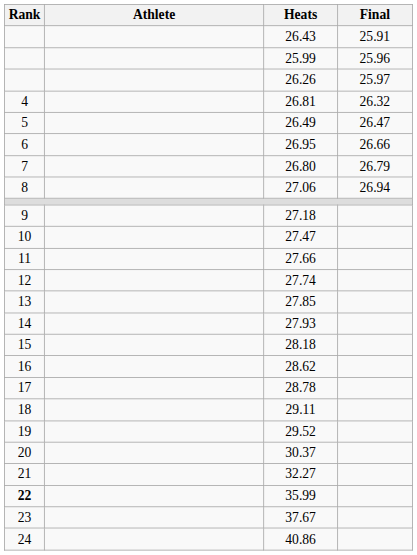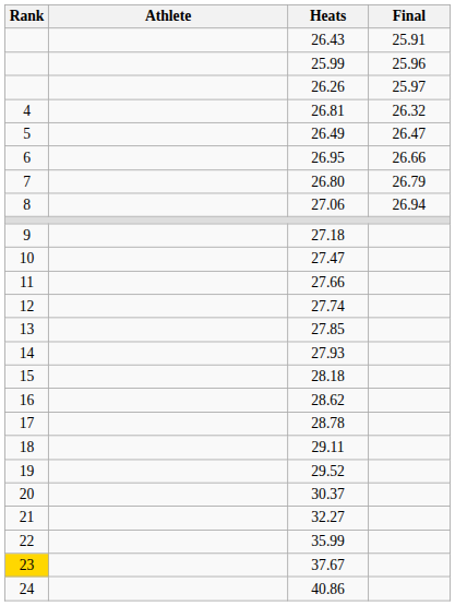 <table class=wikitable style="text-align:center">
 <tr>
 <th width=40>Rank</th>
 <th width=250>Athlete</th>
 <th width=80>Heats</th>
 <th width=80>Final</th>
 </tr>
 <tr>
 <td></td>
 <td align=left></td>
 <td>26.43</td>
 <td>25.91</td>
 </tr>
 <tr>
 <td></td>
 <td align=left></td>
 <td>25.99</td>
 <td>25.96</td>
 </tr>
 <tr>
 <td></td>
 <td align=left></td>
 <td>26.26</td>
 <td>25.97</td>
 </tr>
 <tr>
 <td>4</td>
 <td align=left></td>
 <td>26.81</td>
 <td>26.32</td>
 </tr>
 <tr>
 <td>5</td>
 <td align=left></td>
 <td>26.49</td>
 <td>26.47</td>
 </tr>
 <tr>
 <td>6</td>
 <td align=left></td>
 <td>26.95</td>
 <td>26.66</td>
 </tr>
 <tr>
 <td>7</td>
 <td align=left></td>
 <td>26.80</td>
 <td>26.79</td>
 </tr>
 <tr>
 <td>8</td>
 <td align=left></td>
 <td>27.06</td>
 <td>26.94</td>
 </tr>
 <tr bgcolor=#DDDDDD>
 <td colspan=4></td>
 </tr>
 <tr>
 <td>9</td>
 <td align=left></td>
 <td>27.18</td>
 <td></td>
 </tr>
 <tr>
 <td>10</td>
 <td align=left></td>
 <td>27.47</td>
 <td></td>
 </tr>
 <tr>
 <td>11</td>
 <td align=left></td>
 <td>27.66</td>
 <td></td>
 </tr>
 <tr>
 <td>12</td>
 <td align=left></td>
 <td>27.74</td>
 <td></td>
 </tr>
 <tr>
 <td>13</td>
 <td align=left></td>
 <td>27.85</td>
 <td></td>
 </tr>
 <tr>
 <td>14</td>
 <td align=left></td>
 <td>27.93</td>
 <td></td>
 </tr>
 <tr>
 <td>15</td>
 <td align=left></td>
 <td>28.18</td>
 <td></td>
 </tr>
 <tr>
 <td>16</td>
 <td align=left></td>
 <td>28.62</td>
 <td></td>
 </tr>
 <tr>
 <td>17</td>
 <td align=left></td>
 <td>28.78</td>
 <td></td>
 </tr>
 <tr>
 <td>18</td>
 <td align=left></td>
 <td>29.11</td>
 <td></td>
 </tr>
 <tr>
 <td>19</td>
 <td align=left></td>
 <td>29.52</td>
 <td></td>
 </tr>
 <tr>
 <td>20</td>
 <td align=left></td>
 <td>30.37</td>
 <td></td>
 </tr>
 <tr>
 <td>21</td>
 <td align=left></td>
 <td>32.27</td>
 <td></td>
 </tr>
 <tr>
-<td><strong>22</strong></td>
+<td>22</td>
 <td align=left></td>
 <td>35.99</td>
 <td></td>
 </tr>
 <tr>
-<td>23</td>
+<td style="background: gold;">23</td>
 <td align=left></td>
 <td>37.67</td>
 <td></td>
 </tr>
 <tr>
 <td>24</td>
 <td align=left></td>
 <td>40.86</td>
 <td></td>
 </tr>
 </table>
